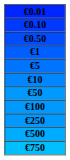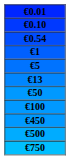 <table width="100" border="1" cellspacing="0" cellpadding="1" |->
 <tr>
 <td style="background:#0026ff; text-align:center;"><span><strong>€0.01</strong></span></td>
 </tr>
 <tr>
 <td style="background:#0039ff; text-align:center;"><span><strong>€0.10</strong></span></td>
 </tr>
 <tr>
-<td style="background:#004dff; text-align:center;"><span><strong>€0.50</strong></span></td>
+<td style="background:#004dff; text-align:center;"><span><strong>€0.54</strong></span></td>
 </tr>
 <tr>
 <td style="background:#0060ff; text-align:center;"><span><strong>€1</strong></span></td>
 </tr>
 <tr>
 <td style="background:#0073ff; text-align:center;"><span><strong>€5</strong></span></td>
 </tr>
 <tr>
-<td style="background:#0086ff; text-align:center;"><span><strong>€10</strong></span></td>
+<td style="background:#0086ff; text-align:center;"><span><strong>€13</strong></span></td>
 </tr>
 <tr>
 <td style="background:#09f; text-align:center;"><span><strong>€50</strong></span></td>
 </tr>
 <tr>
 <td style="background:#09f; text-align:center;"><span><strong>€100</strong></span></td>
 </tr>
 <tr>
-<td style="background:#09f; text-align:center;"><span><strong>€250</strong></span></td>
+<td style="background:#09f; text-align:center;"><span><strong>€450</strong></span></td>
 </tr>
 <tr>
 <td style="background:#00acff; text-align:center;"><span><strong>€500</strong></span></td>
 </tr>
 <tr>
 <td style="background:#00bfff; text-align:center;"><span><strong>€750</strong></span></td>
 </tr>
 </table>
